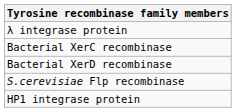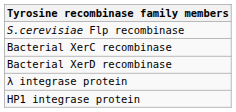 <table class="wikitable">
 <tr>
 <th>Tyrosine recombinase family members</th>
 </tr>
 <tr>
-<td>λ integrase protein</td>
+<td><em>S.cerevisiae</em> Flp recombinase</td>
 </tr>
 <tr>
 <td>Bacterial XerC recombinase</td>
 </tr>
 <tr>
 <td>Bacterial XerD recombinase</td>
 </tr>
 <tr>
-<td><em>S.cerevisiae</em> Flp recombinase</td>
+<td>λ integrase protein</td>
 </tr>
 <tr>
 <td>HP1 integrase protein</td>
 </tr>
 </table>
